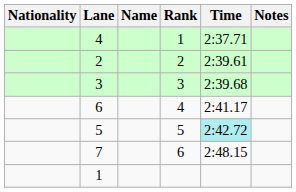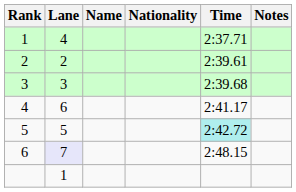 <table class="wikitable sortable" style="text-align:center">
 <tr>
-<th>Nationality</th>
+<th>Rank</th>
 <th>Lane</th>
 <th>Name</th>
-<th>Rank</th>
+<th>Nationality</th>
 <th>Time</th>
 <th>Notes</th>
 </tr>
 <tr bgcolor=ccffcc>
-<td align=left></td>
+<td>1</td>
 <td>4</td>
 <td align=left></td>
-<td>1</td>
+<td align=left></td>
 <td>2:37.71</td>
 <td><strong></strong></td>
 </tr>
 <tr bgcolor=ccffcc>
-<td align=left></td>
+<td>2</td>
 <td>2</td>
 <td align=left></td>
-<td>2</td>
+<td align=left></td>
 <td>2:39.61</td>
 <td><strong></strong></td>
 </tr>
 <tr bgcolor=ccffcc>
-<td align=left></td>
+<td>3</td>
 <td>3</td>
 <td align=left></td>
-<td>3</td>
+<td align=left></td>
 <td>2:39.68</td>
 <td><strong></strong></td>
 </tr>
 <tr>
-<td align=left></td>
+<td>4</td>
 <td>6</td>
 <td align=left></td>
-<td>4</td>
+<td align=left></td>
 <td>2:41.17</td>
 <td></td>
 </tr>
 <tr>
-<td align=left></td>
+<td>5</td>
 <td>5</td>
 <td align=left></td>
-<td>5</td>
+<td align=left></td>
 <td style="background: paleturquoise;">2:42.72</td>
 <td></td>
 </tr>
 <tr>
+<td>6</td>
+<td style="background: lavender;">7</td>
 <td align=left></td>
-<td>7</td>
 <td align=left></td>
-<td>6</td>
 <td>2:48.15</td>
 <td></td>
 </tr>
 <tr>
-<td align=left></td>
+<td></td>
 <td>1</td>
 <td align=left></td>
-<td></td>
+<td align=left></td>
 <td></td>
 <td><strong></strong></td>
 </tr>
 </table>
